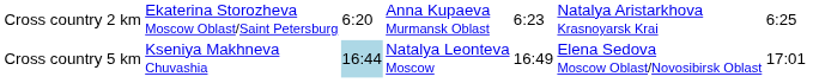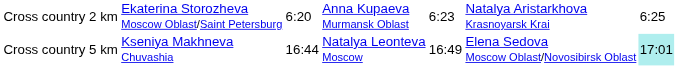 <table>
 <tr>
 <td>Cross country 2 km</td>
 <td><a href='#'>Ekaterina Storozheva</a><br><small><a href='#'>Moscow Oblast</a>/<a href='#'>Saint Petersburg</a></small></td>
 <td>6:20</td>
 <td><a href='#'>Anna Kupaeva</a><br><small><a href='#'>Murmansk Oblast</a></small></td>
 <td>6:23</td>
 <td><a href='#'>Natalya Aristarkhova</a><br><small><a href='#'>Krasnoyarsk Krai</a></small></td>
 <td>6:25</td>
 </tr>
 <tr>
 <td>Cross country 5 km</td>
 <td><a href='#'>Kseniya Makhneva</a><br><small><a href='#'>Chuvashia</a></small></td>
-<td style="background: lightblue;">16:44</td>
+<td>16:44</td>
 <td><a href='#'>Natalya Leonteva</a><br><small><a href='#'>Moscow</a></small></td>
 <td>16:49</td>
 <td><a href='#'>Elena Sedova</a><br><small><a href='#'>Moscow Oblast</a>/<a href='#'>Novosibirsk Oblast</a></small></td>
-<td>17:01</td>
+<td style="background: paleturquoise;">17:01</td>
 </tr>
 </table>
